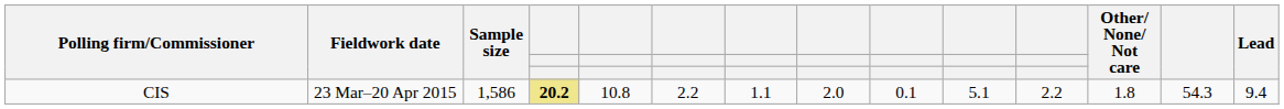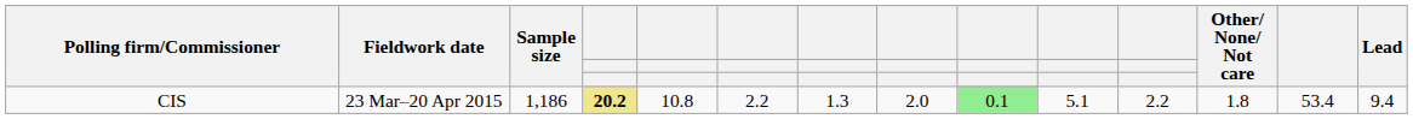 <table class="wikitable collapsible collapsed" style="text-align:center; font-size:90%; line-height:14px;">
 <tr style="height:42px;">
 <th style="width:250px;" rowspan="3">Polling firm/Commissioner</th>
 <th style="width:125px;" rowspan="3">Fieldwork date</th>
 <th style="width:50px;" rowspan="3">Sample size</th>
 <th style="width:35px;"></th>
 <th style="width:55px;"></th>
 <th style="width:55px;"></th>
 <th style="width:55px;"></th>
 <th style="width:55px;"></th>
 <th style="width:55px;"></th>
 <th style="width:55px;"></th>
 <th style="width:55px;"></th>
 <th style="width:55px;" rowspan="3">Other/<br>None/<br>Not<br>care</th>
 <th style="width:55px;" rowspan="3"></th>
 <th style="width:30px;" rowspan="3">Lead</th>
 </tr>
 <tr>
 <th style="color:inherit;background:"></th>
 <th style="color:inherit;background:"></th>
 <th style="color:inherit;background:"></th>
 <th style="color:inherit;background:"></th>
 <th style="color:inherit;background:"></th>
 <th style="color:inherit;background:"></th>
 <th style="color:inherit;background:"></th>
 <th style="color:inherit;background:"></th>
 </tr>
 <tr>
 <th></th>
 <th></th>
 <th></th>
 <th></th>
 <th></th>
 <th></th>
 <th></th>
 <th></th>
 </tr>
 <tr>
 <td>CIS</td>
 <td>23 Mar–20 Apr 2015</td>
-<td>1,586</td>
+<td>1,186</td>
 <td style="background: khaki;"><strong>20.2</strong></td>
 <td>10.8</td>
 <td>2.2</td>
-<td>1.1</td>
+<td>1.3</td>
 <td>2.0</td>
-<td>0.1</td>
+<td style="background: lightgreen;">0.1</td>
 <td>5.1</td>
 <td>2.2</td>
 <td>1.8</td>
-<td>54.3</td>
+<td>53.4</td>
 <td style="background:">9.4</td>
 </tr>
 </table>
